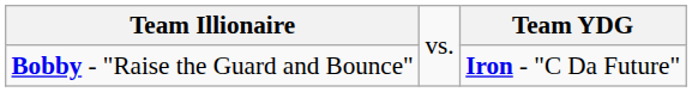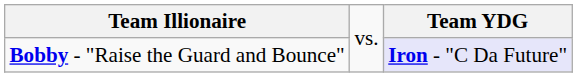 <table class="wikitable" style="text-align:center" border="2">
 <tr>
 <th>Team Illionaire</th>
 <td rowspan="2">vs.</td>
 <th>Team YDG</th>
 </tr>
 <tr>
 <td><strong><a href='#'>Bobby</a></strong> - "Raise the Guard and Bounce"</td>
-<td><strong><a href='#'>Iron</a></strong> - "C Da Future"</td>
+<td style="background: lavender;"><strong><a href='#'>Iron</a></strong> - "C Da Future"</td>
 </tr>
 </table>
